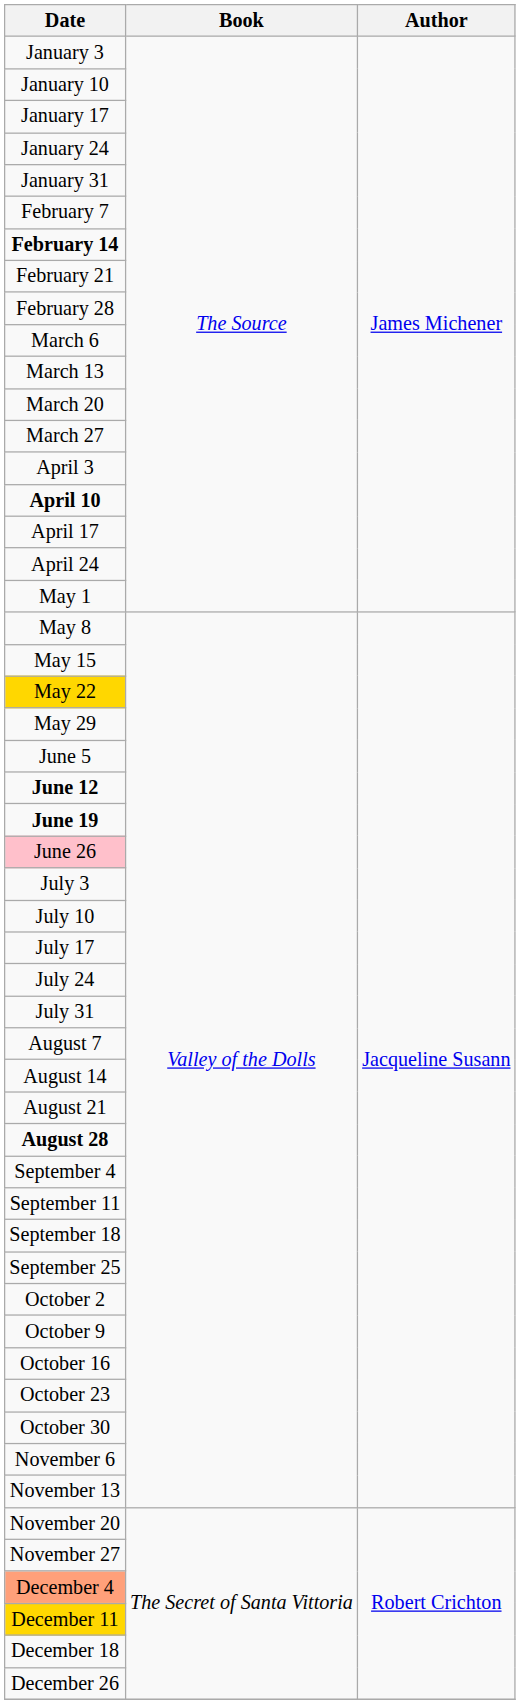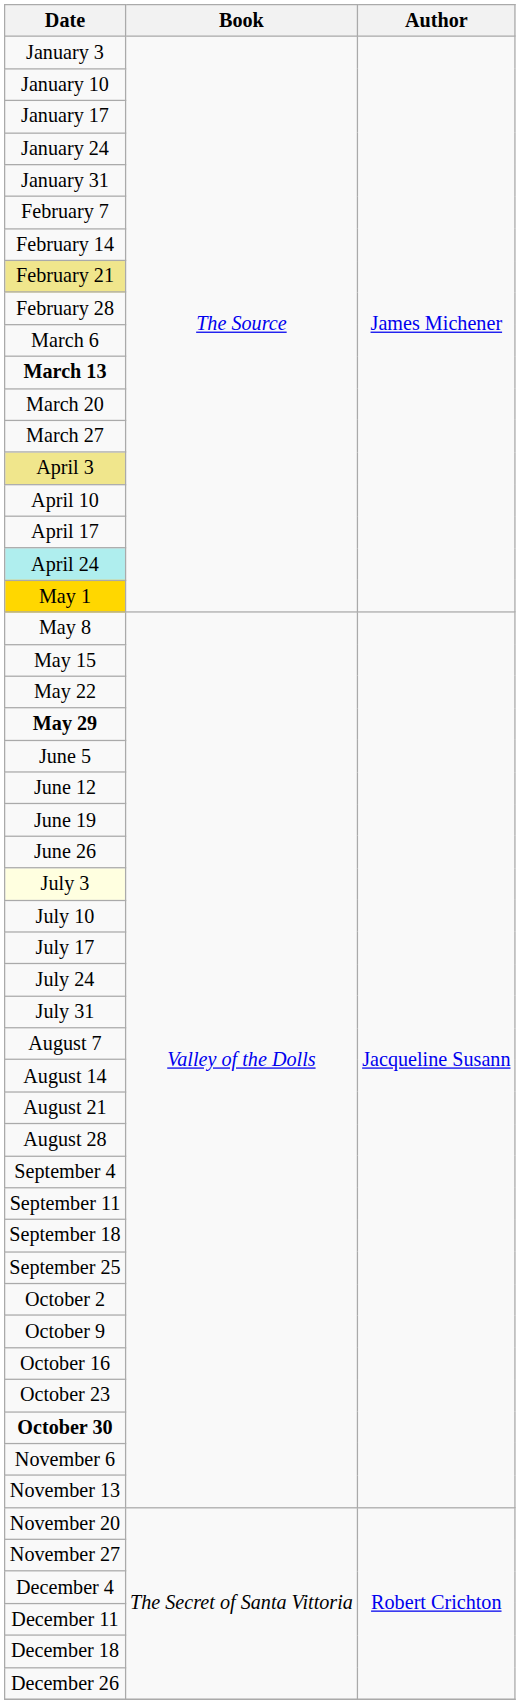 <table class="wikitable sortable" style="text-align: center">
 <tr>
 <th>Date</th>
 <th>Book</th>
 <th>Author</th>
 </tr>
 <tr>
 <td>January 3</td>
 <td rowspan=18><em><a href='#'>The Source</a></em></td>
 <td rowspan=18><a href='#'>James Michener</a></td>
 </tr>
 <tr>
 <td>January 10</td>
 </tr>
 <tr>
 <td>January 17</td>
 </tr>
 <tr>
 <td>January 24</td>
 </tr>
 <tr>
 <td>January 31</td>
 </tr>
 <tr>
 <td>February 7</td>
 </tr>
 <tr>
-<td><strong>February 14</strong></td>
+<td>February 14</td>
 </tr>
 <tr>
-<td>February 21</td>
+<td style="background: khaki;">February 21</td>
 </tr>
 <tr>
 <td>February 28</td>
 </tr>
 <tr>
 <td>March 6</td>
 </tr>
 <tr>
-<td>March 13</td>
+<td><strong>March 13</strong></td>
 </tr>
 <tr>
 <td>March 20</td>
 </tr>
 <tr>
 <td>March 27</td>
 </tr>
 <tr>
-<td>April 3</td>
+<td style="background: khaki;">April 3</td>
 </tr>
 <tr>
-<td><strong>April 10</strong></td>
+<td>April 10</td>
 </tr>
 <tr>
 <td>April 17</td>
 </tr>
 <tr>
-<td>April 24</td>
+<td style="background: paleturquoise;">April 24</td>
 </tr>
 <tr>
-<td>May 1</td>
+<td style="background: gold;">May 1</td>
 </tr>
 <tr>
 <td>May 8</td>
 <td rowspan=28><em><a href='#'>Valley of the Dolls</a></em></td>
 <td rowspan=28><a href='#'>Jacqueline Susann</a></td>
 </tr>
 <tr>
 <td>May 15</td>
 </tr>
 <tr>
-<td style="background: gold;">May 22</td>
+<td>May 22</td>
 </tr>
 <tr>
-<td>May 29</td>
+<td><strong>May 29</strong></td>
 </tr>
 <tr>
 <td>June 5</td>
 </tr>
 <tr>
-<td><strong>June 12</strong></td>
+<td>June 12</td>
 </tr>
 <tr>
-<td><strong>June 19</strong></td>
+<td>June 19</td>
 </tr>
 <tr>
-<td style="background: pink;">June 26</td>
+<td>June 26</td>
 </tr>
 <tr>
-<td>July 3</td>
+<td style="background: lightyellow;">July 3</td>
 </tr>
 <tr>
 <td>July 10</td>
 </tr>
 <tr>
 <td>July 17</td>
 </tr>
 <tr>
 <td>July 24</td>
 </tr>
 <tr>
 <td>July 31</td>
 </tr>
 <tr>
 <td>August 7</td>
 </tr>
 <tr>
 <td>August 14</td>
 </tr>
 <tr>
 <td>August 21</td>
 </tr>
 <tr>
-<td><strong>August 28</strong></td>
+<td>August 28</td>
 </tr>
 <tr>
 <td>September 4</td>
 </tr>
 <tr>
 <td>September 11</td>
 </tr>
 <tr>
 <td>September 18</td>
 </tr>
 <tr>
 <td>September 25</td>
 </tr>
 <tr>
 <td>October 2</td>
 </tr>
 <tr>
 <td>October 9</td>
 </tr>
 <tr>
 <td>October 16</td>
 </tr>
 <tr>
 <td>October 23</td>
 </tr>
 <tr>
-<td>October 30</td>
+<td><strong>October 30</strong></td>
 </tr>
 <tr>
 <td>November 6</td>
 </tr>
 <tr>
 <td>November 13</td>
 </tr>
 <tr>
 <td>November 20</td>
 <td rowspan=6><em>The Secret of Santa Vittoria</em></td>
 <td rowspan=6><a href='#'>Robert Crichton</a></td>
 </tr>
 <tr>
 <td>November 27</td>
 </tr>
 <tr>
-<td style="background: lightsalmon;">December 4</td>
+<td>December 4</td>
 </tr>
 <tr>
-<td style="background: gold;">December 11</td>
+<td>December 11</td>
 </tr>
 <tr>
 <td>December 18</td>
 </tr>
 <tr>
 <td>December 26</td>
 </tr>
 <tr>
 </tr>
 </table>
